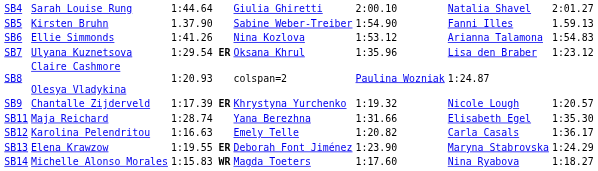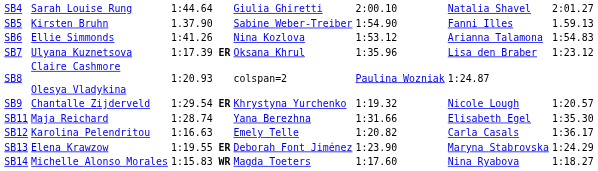 <table>
 <tr>
 <td><a href='#'>SB4</a></td>
 <td><a href='#'>Sarah Louise Rung</a><br></td>
 <td>1:44.64</td>
 <td><a href='#'>Giulia Ghiretti</a><br></td>
 <td>2:00.10</td>
 <td><a href='#'>Natalia Shavel</a><br></td>
 <td>2:01.27</td>
 </tr>
 <tr>
 <td><a href='#'>SB5</a></td>
 <td><a href='#'>Kirsten Bruhn</a><br></td>
 <td>1.37.90</td>
 <td><a href='#'>Sabine Weber-Treiber</a><br></td>
 <td>1:54.90</td>
 <td><a href='#'>Fanni Illes</a><br></td>
 <td>1.59.13</td>
 </tr>
 <tr>
 <td><a href='#'>SB6</a></td>
 <td><a href='#'>Ellie Simmonds</a><br></td>
 <td>1:41.26</td>
 <td><a href='#'>Nina Kozlova</a><br></td>
 <td>1:53.12</td>
 <td><a href='#'>Arianna Talamona</a><br></td>
 <td>1:54.83</td>
 </tr>
 <tr>
 <td><a href='#'>SB7</a></td>
 <td><a href='#'>Ulyana Kuznetsova</a><br></td>
-<td>1:29.54 <strong>ER</strong></td>
+<td>1:17.39 <strong>ER</strong></td>
 <td><a href='#'>Oksana Khrul</a><br></td>
 <td>1:35.96</td>
 <td><a href='#'>Lisa den Braber</a><br></td>
 <td>1:23.12</td>
 </tr>
 <tr>
 <td><a href='#'>SB8</a></td>
 <td><a href='#'>Claire Cashmore</a><br><br> <a href='#'>Olesya Vladykina</a><br></td>
 <td>1:20.93</td>
 <td>colspan=2 </td>
 <td><a href='#'>Paulina Wozniak</a><br></td>
 <td>1:24.87</td>
 </tr>
 <tr>
 <td><a href='#'>SB9</a></td>
 <td><a href='#'>Chantalle Zijderveld</a><br></td>
-<td>1:17.39 <strong>ER</strong></td>
+<td>1:29.54 <strong>ER</strong></td>
 <td><a href='#'>Khrystyna Yurchenko</a><br></td>
 <td>1:19.32</td>
 <td><a href='#'>Nicole Lough</a><br></td>
 <td>1:20.57</td>
 </tr>
 <tr>
 <td><a href='#'>SB11</a></td>
 <td><a href='#'>Maja Reichard</a> <br></td>
 <td>1:28.74</td>
 <td><a href='#'>Yana Berezhna</a><br></td>
 <td>1:31.66</td>
 <td><a href='#'>Elisabeth Egel</a><br></td>
 <td>1:35.30</td>
 </tr>
 <tr>
 <td><a href='#'>SB12</a></td>
 <td><a href='#'>Karolina Pelendritou</a><br></td>
 <td>1:16.63</td>
 <td><a href='#'>Emely Telle</a><br></td>
 <td>1:20.82</td>
 <td><a href='#'>Carla Casals</a><br></td>
 <td>1:36.17</td>
 </tr>
 <tr>
 <td><a href='#'>SB13</a></td>
 <td><a href='#'>Elena Krawzow</a><br></td>
 <td>1:19.55 <strong>ER</strong></td>
 <td><a href='#'>Deborah Font Jiménez</a><br></td>
 <td>1:23.90</td>
 <td><a href='#'>Maryna Stabrovska</a><br></td>
 <td>1:24.29</td>
 </tr>
 <tr>
 <td><a href='#'>SB14</a></td>
 <td><a href='#'>Michelle Alonso Morales</a><br></td>
 <td>1:15.83 <strong>WR</strong></td>
 <td><a href='#'>Magda Toeters</a><br></td>
 <td>1:17.60</td>
 <td><a href='#'>Nina Ryabova</a><br></td>
 <td>1:18.27</td>
 </tr>
 </table>
